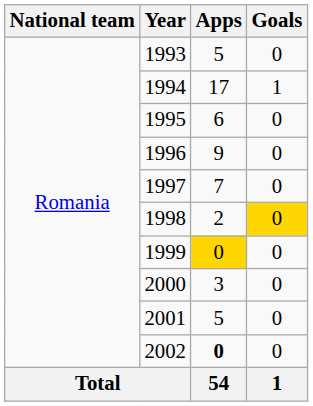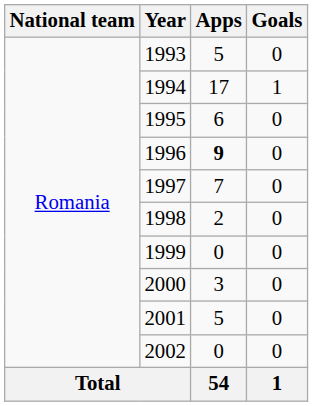 <table class="wikitable" style="text-align:center">
 <tr>
 <th>National team</th>
 <th>Year</th>
 <th>Apps</th>
 <th>Goals</th>
 </tr>
 <tr>
 <td rowspan="10"><a href='#'>Romania</a></td>
 <td>1993</td>
 <td>5</td>
 <td>0</td>
 </tr>
 <tr>
 <td>1994</td>
 <td>17</td>
 <td>1</td>
 </tr>
 <tr>
 <td>1995</td>
 <td>6</td>
 <td>0</td>
 </tr>
 <tr>
 <td>1996</td>
-<td>9</td>
+<td><strong>9</strong></td>
 <td>0</td>
 </tr>
 <tr>
 <td>1997</td>
 <td>7</td>
 <td>0</td>
 </tr>
 <tr>
 <td>1998</td>
 <td>2</td>
-<td style="background: gold;">0</td>
+<td>0</td>
 </tr>
 <tr>
 <td>1999</td>
-<td style="background: gold;">0</td>
+<td>0</td>
 <td>0</td>
 </tr>
 <tr>
 <td>2000</td>
 <td>3</td>
 <td>0</td>
 </tr>
 <tr>
 <td>2001</td>
 <td>5</td>
 <td>0</td>
 </tr>
 <tr>
 <td>2002</td>
-<td><strong>0</strong></td>
+<td>0</td>
 <td>0</td>
 </tr>
 <tr>
 <th colspan="2">Total</th>
 <th>54</th>
 <th>1</th>
 </tr>
 </table>
